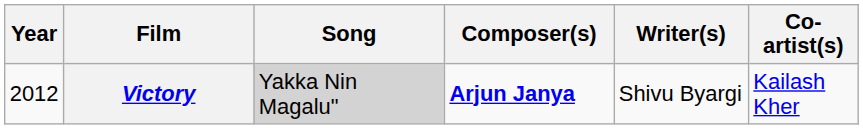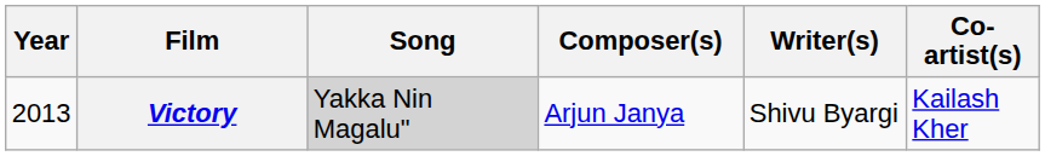 <table class="wikitable plainrowheaders" width="100%" textcolor:#000;">
 <tr style="background:#b0e0e66;">
 <th scope="col" width=5%><strong>Year</strong></th>
 <th scope="col" width=23%><strong>Film</strong></th>
 <th scope="col" width=23%><strong>Song</strong></th>
 <th scope="col" width=20%><strong>Composer(s)</strong></th>
 <th scope="col" width=16%><strong>Writer(s)</strong></th>
 <th scope="col" width=18%><strong>Co-artist(s)</strong></th>
 </tr>
 <tr>
-<td>2012</td>
+<td>2013</td>
 <th><em><a href='#'>Victory</a></em></th>
 <td style="background: lightgrey;">Yakka Nin Magalu"</td>
-<td><strong><a href='#'>Arjun Janya</a></strong></td>
+<td><a href='#'>Arjun Janya</a></td>
 <td>Shivu Byargi</td>
 <td><a href='#'>Kailash Kher</a></td>
 </tr>
 </table>
